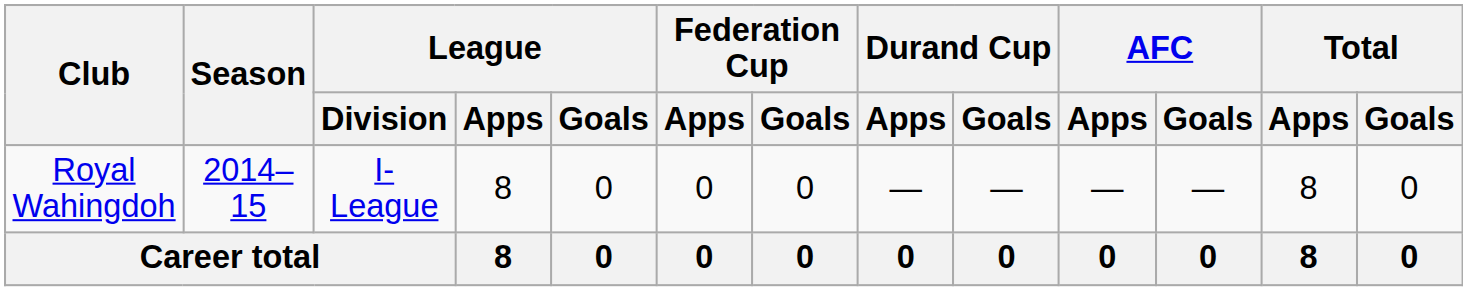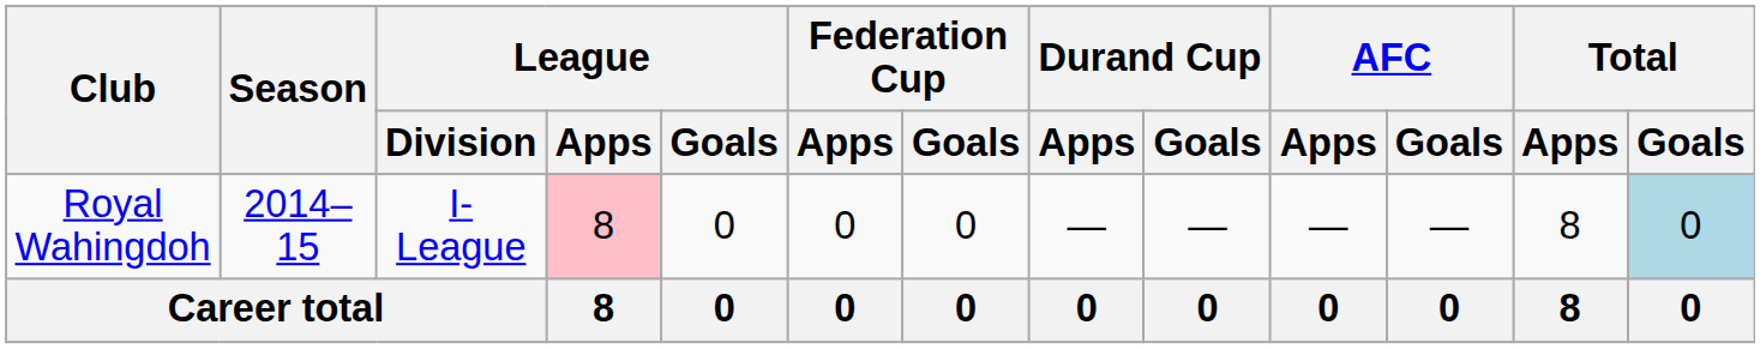 <table class="wikitable" style="text-align: center;">
 <tr>
 <th rowspan="2">Club</th>
 <th rowspan="2">Season</th>
 <th colspan="3">League</th>
 <th colspan="2">Federation Cup</th>
 <th colspan="2">Durand Cup</th>
 <th colspan="2"><a href='#'>AFC</a></th>
 <th colspan="2">Total</th>
 </tr>
 <tr>
 <th>Division</th>
 <th>Apps</th>
 <th>Goals</th>
 <th>Apps</th>
 <th>Goals</th>
 <th>Apps</th>
 <th>Goals</th>
 <th>Apps</th>
 <th>Goals</th>
 <th>Apps</th>
 <th>Goals</th>
 </tr>
 <tr>
 <td rowspan="1"><a href='#'>Royal Wahingdoh</a></td>
 <td><a href='#'>2014–15</a></td>
 <td><a href='#'>I-League</a></td>
-<td>8</td>
+<td style="background: pink;">8</td>
 <td>0</td>
 <td>0</td>
 <td>0</td>
 <td>—</td>
 <td>—</td>
 <td>—</td>
 <td>—</td>
 <td>8</td>
-<td>0</td>
+<td style="background: lightblue;">0</td>
 </tr>
 <tr>
 <th colspan="3">Career total</th>
 <th>8</th>
 <th>0</th>
 <th>0</th>
 <th>0</th>
 <th>0</th>
 <th>0</th>
 <th>0</th>
 <th>0</th>
 <th>8</th>
 <th>0</th>
 </tr>
 </table>
